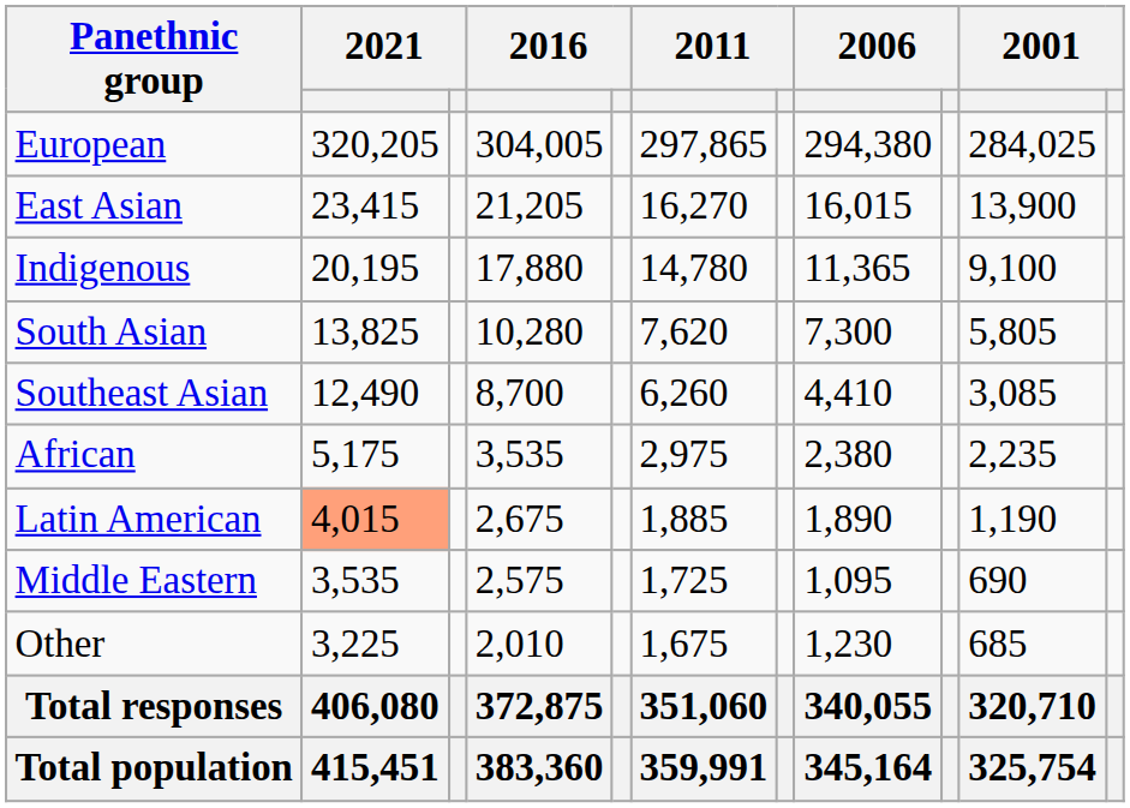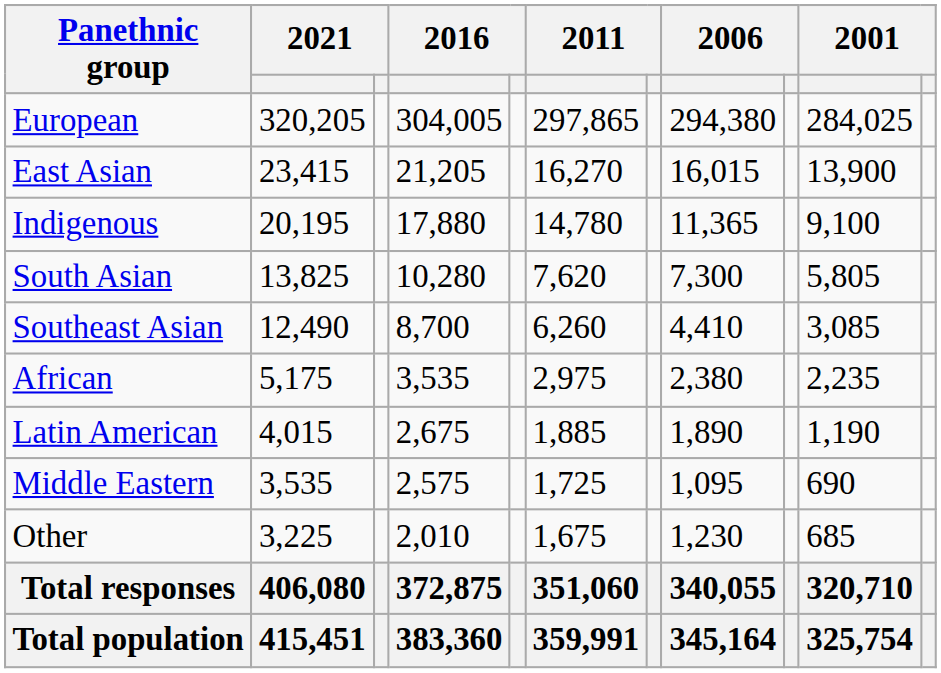 <table class="wikitable collapsible sortable">
 <tr>
 <th rowspan="2"><a href='#'>Panethnic</a><br>group</th>
 <th colspan="2">2021</th>
 <th colspan="2">2016</th>
 <th colspan="2">2011</th>
 <th colspan="2">2006</th>
 <th colspan="2">2001</th>
 </tr>
 <tr>
 <th><a href='#'></a></th>
 <th></th>
 <th></th>
 <th></th>
 <th></th>
 <th></th>
 <th></th>
 <th></th>
 <th></th>
 <th></th>
 </tr>
 <tr>
 <td><a href='#'>European</a></td>
 <td>320,205</td>
 <td></td>
 <td>304,005</td>
 <td></td>
 <td>297,865</td>
 <td></td>
 <td>294,380</td>
 <td></td>
 <td>284,025</td>
 <td></td>
 </tr>
 <tr>
 <td><a href='#'>East Asian</a></td>
 <td>23,415</td>
 <td></td>
 <td>21,205</td>
 <td></td>
 <td>16,270</td>
 <td></td>
 <td>16,015</td>
 <td></td>
 <td>13,900</td>
 <td></td>
 </tr>
 <tr>
 <td><a href='#'>Indigenous</a></td>
 <td>20,195</td>
 <td></td>
 <td>17,880</td>
 <td></td>
 <td>14,780</td>
 <td></td>
 <td>11,365</td>
 <td></td>
 <td>9,100</td>
 <td></td>
 </tr>
 <tr>
 <td><a href='#'>South Asian</a></td>
 <td>13,825</td>
 <td></td>
 <td>10,280</td>
 <td></td>
 <td>7,620</td>
 <td></td>
 <td>7,300</td>
 <td></td>
 <td>5,805</td>
 <td></td>
 </tr>
 <tr>
 <td><a href='#'>Southeast Asian</a></td>
 <td>12,490</td>
 <td></td>
 <td>8,700</td>
 <td></td>
 <td>6,260</td>
 <td></td>
 <td>4,410</td>
 <td></td>
 <td>3,085</td>
 <td></td>
 </tr>
 <tr>
 <td><a href='#'>African</a></td>
 <td>5,175</td>
 <td></td>
 <td>3,535</td>
 <td></td>
 <td>2,975</td>
 <td></td>
 <td>2,380</td>
 <td></td>
 <td>2,235</td>
 <td></td>
 </tr>
 <tr>
 <td><a href='#'>Latin American</a></td>
-<td style="background: lightsalmon;">4,015</td>
+<td>4,015</td>
 <td></td>
 <td>2,675</td>
 <td></td>
 <td>1,885</td>
 <td></td>
 <td>1,890</td>
 <td></td>
 <td>1,190</td>
 <td></td>
 </tr>
 <tr>
 <td><a href='#'>Middle Eastern</a></td>
 <td>3,535</td>
 <td></td>
 <td>2,575</td>
 <td></td>
 <td>1,725</td>
 <td></td>
 <td>1,095</td>
 <td></td>
 <td>690</td>
 <td></td>
 </tr>
 <tr>
 <td>Other</td>
 <td>3,225</td>
 <td></td>
 <td>2,010</td>
 <td></td>
 <td>1,675</td>
 <td></td>
 <td>1,230</td>
 <td></td>
 <td>685</td>
 <td></td>
 </tr>
 <tr>
 <th>Total responses</th>
 <th>406,080</th>
 <th></th>
 <th>372,875</th>
 <th></th>
 <th>351,060</th>
 <th></th>
 <th>340,055</th>
 <th></th>
 <th>320,710</th>
 <th></th>
 </tr>
 <tr>
 <th>Total population</th>
 <th>415,451</th>
 <th></th>
 <th>383,360</th>
 <th></th>
 <th>359,991</th>
 <th></th>
 <th>345,164</th>
 <th></th>
 <th>325,754</th>
 <th></th>
 </tr>
 </table>
